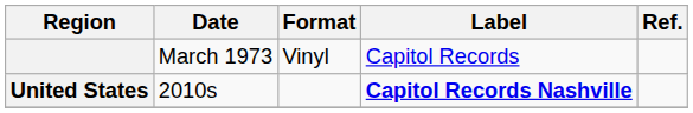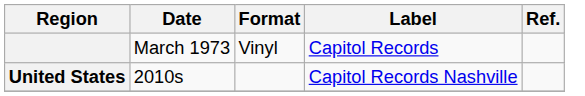 <table class="wikitable plainrowheaders">
 <tr>
 <th scope="col">Region</th>
 <th scope="col">Date</th>
 <th scope="col">Format</th>
 <th scope="col">Label</th>
 <th scope="col">Ref.</th>
 </tr>
 <tr>
 <th scope="row"></th>
 <td>March 1973</td>
 <td>Vinyl</td>
 <td><a href='#'>Capitol Records</a></td>
 <td></td>
 </tr>
 <tr>
 <th scope="row">United States</th>
 <td>2010s</td>
 <td></td>
-<td><strong><a href='#'>Capitol Records Nashville</a></strong></td>
+<td><a href='#'>Capitol Records Nashville</a></td>
 <td></td>
 </tr>
 <tr>
 </tr>
 </table>
